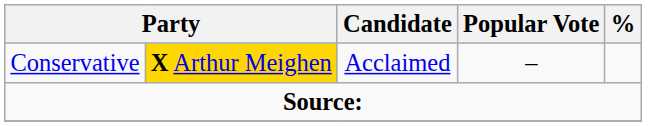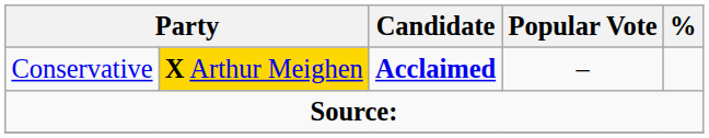 <table class="wikitable">
 <tr>
 <th colspan="2">Party</th>
 <th>Candidate</th>
 <th>Popular Vote</th>
 <th>%</th>
 </tr>
 <tr>
 <td><a href='#'>Conservative</a></td>
 <td style="background: gold;"> <strong>X</strong> <a href='#'>Arthur Meighen</a></td>
-<td align=center><a href='#'>Acclaimed</a></td>
+<td align=center><strong><a href='#'>Acclaimed</a></strong></td>
 <td align=center>–</td>
 </tr>
 <tr>
 <td align="center" colspan=5><strong>Source:</strong> </td>
 </tr>
 <tr>
 </tr>
 </table>
